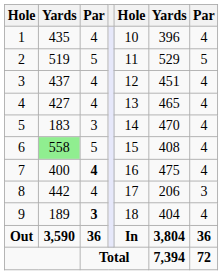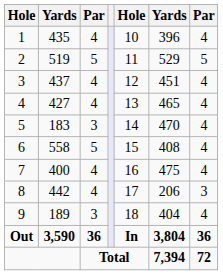 <table class="wikitable" style="text-align:center;">
 <tr>
 <th>Hole</th>
 <th>Yards</th>
 <th>Par</th>
 <th></th>
 <th>Hole</th>
 <th>Yards</th>
 <th>Par</th>
 </tr>
 <tr>
 <td>1</td>
 <td>435</td>
 <td>4</td>
 <td rowspan="10" style="background:#E6E8FA;"></td>
 <td>10</td>
 <td>396</td>
 <td>4</td>
 </tr>
 <tr>
 <td>2</td>
 <td>519</td>
 <td>5</td>
 <td>11</td>
 <td>529</td>
 <td>5</td>
 </tr>
 <tr>
 <td>3</td>
 <td>437</td>
 <td>4</td>
 <td>12</td>
 <td>451</td>
 <td>4</td>
 </tr>
 <tr>
 <td>4</td>
 <td>427</td>
 <td>4</td>
 <td>13</td>
 <td>465</td>
 <td>4</td>
 </tr>
 <tr>
 <td>5</td>
 <td>183</td>
 <td>3</td>
 <td>14</td>
 <td>470</td>
 <td>4</td>
 </tr>
 <tr>
 <td>6</td>
-<td style="background: lightgreen;">558</td>
+<td>558</td>
 <td>5</td>
 <td>15</td>
 <td>408</td>
 <td>4</td>
 </tr>
 <tr>
 <td>7</td>
 <td>400</td>
-<td><strong>4</strong></td>
+<td>4</td>
 <td>16</td>
 <td>475</td>
 <td>4</td>
 </tr>
 <tr>
 <td>8</td>
 <td>442</td>
 <td>4</td>
 <td>17</td>
 <td>206</td>
 <td>3</td>
 </tr>
 <tr>
 <td>9</td>
 <td>189</td>
-<td><strong>3</strong></td>
+<td>3</td>
 <td>18</td>
 <td>404</td>
 <td>4</td>
 </tr>
 <tr>
 <td><strong>Out</strong></td>
 <td><strong>3,590</strong></td>
 <td><strong>36</strong></td>
 <td><strong>In</strong></td>
 <td><strong>3,804</strong></td>
 <td><strong>36</strong></td>
 </tr>
 <tr>
 <td colspan="2" style="text-align:left;"></td>
 <td colspan=3><strong>Total</strong></td>
 <td><strong>7,394</strong></td>
 <td><strong>72</strong></td>
 </tr>
 </table>
